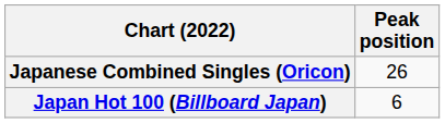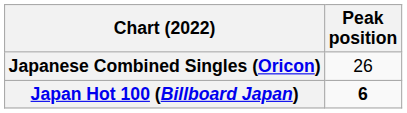 <table class="wikitable sortable plainrowheaders" style="text-align:center">
 <tr>
 <th scope="col">Chart (2022)</th>
 <th scope="col">Peak<br>position</th>
 </tr>
 <tr>
 <th scope="row">Japanese Combined Singles (<a href='#'>Oricon</a>)</th>
 <td>26</td>
 </tr>
 <tr>
 <th scope="row"><a href='#'>Japan Hot 100</a> (<em><a href='#'>Billboard Japan</a></em>)</th>
-<td>6</td>
+<td><strong>6</strong></td>
 </tr>
 </table>
